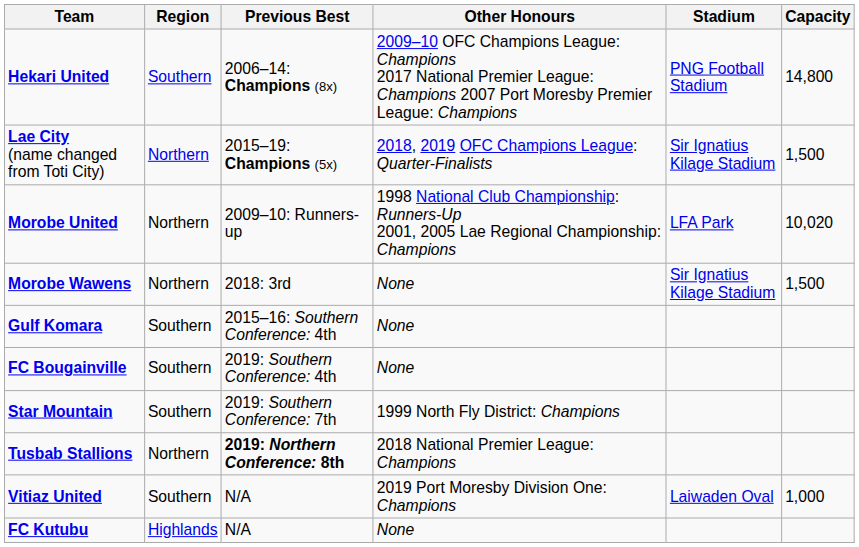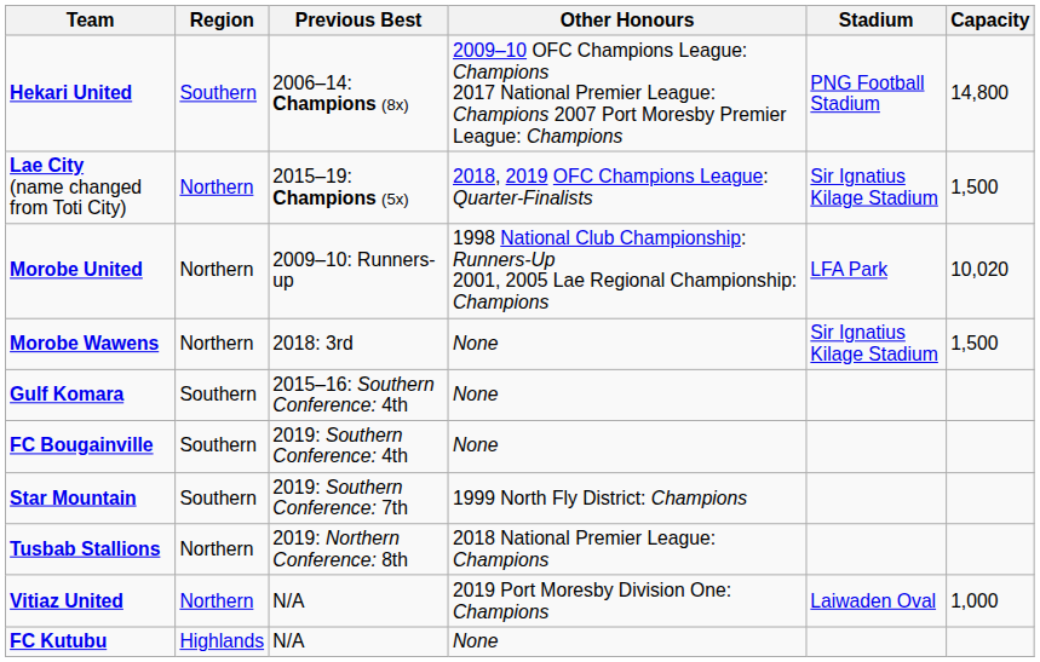 <table class="wikitable">
 <tr>
 <th>Team</th>
 <th>Region</th>
 <th>Previous Best</th>
 <th>Other Honours</th>
 <th>Stadium</th>
 <th>Capacity</th>
 </tr>
 <tr>
 <td><strong><a href='#'>Hekari United</a></strong></td>
 <td><a href='#'>Southern</a></td>
 <td>2006–14: <strong>Champions</strong> <small>(8x)</small></td>
 <td><a href='#'>2009–10</a> OFC Champions League: <em>Champions</em><br>2017 National Premier League: <em>Champions</em> 2007 Port Moresby Premier League: <em>Champions</em></td>
 <td><a href='#'>PNG Football Stadium</a></td>
 <td>14,800</td>
 </tr>
 <tr>
 <td><strong><a href='#'>Lae City</a></strong><br>(name changed from Toti City)</td>
 <td><a href='#'>Northern</a></td>
 <td>2015–19: <strong>Champions</strong> <small>(5x)</small></td>
 <td><a href='#'>2018</a>, <a href='#'>2019</a> <a href='#'>OFC Champions League</a>: <em>Quarter-Finalists</em></td>
 <td><a href='#'>Sir Ignatius Kilage Stadium</a></td>
 <td>1,500</td>
 </tr>
 <tr>
 <td><strong><a href='#'>Morobe United</a></strong></td>
 <td>Northern</td>
 <td>2009–10: Runners-up</td>
 <td>1998 <a href='#'>National Club Championship</a>: <em>Runners-Up</em><br>2001, 2005 Lae Regional Championship: <em>Champions</em></td>
 <td><a href='#'>LFA Park</a></td>
 <td>10,020</td>
 </tr>
 <tr>
 <td><strong><a href='#'>Morobe Wawens</a></strong></td>
 <td>Northern</td>
 <td>2018: 3rd</td>
 <td><em>None</em></td>
 <td><a href='#'>Sir Ignatius Kilage Stadium</a></td>
 <td>1,500</td>
 </tr>
 <tr>
 <td><strong><a href='#'>Gulf Komara</a></strong></td>
 <td>Southern</td>
 <td>2015–16: <em>Southern Conference:</em> 4th</td>
 <td><em>None</em></td>
 <td></td>
 <td></td>
 </tr>
 <tr>
 <td><strong><a href='#'>FC Bougainville</a></strong></td>
 <td>Southern</td>
 <td>2019: <em>Southern Conference:</em> 4th</td>
 <td><em>None</em></td>
 <td></td>
 <td></td>
 </tr>
 <tr>
 <td><strong><a href='#'>Star Mountain</a></strong></td>
 <td>Southern</td>
 <td>2019: <em>Southern Conference:</em> 7th</td>
 <td>1999 North Fly District: <em>Champions</em></td>
 <td></td>
 <td></td>
 </tr>
 <tr>
 <td><strong><a href='#'>Tusbab Stallions</a></strong></td>
 <td>Northern</td>
-<td><strong>2019: <em>Northern Conference:</em> 8th</strong></td>
+<td>2019: <em>Northern Conference:</em> 8th</td>
 <td>2018 National Premier League: <em>Champions</em></td>
 <td></td>
 <td></td>
 </tr>
 <tr>
 <td><strong><a href='#'>Vitiaz United</a></strong></td>
-<td>Southern</td>
+<td><a href='#'>Northern</a></td>
 <td>N/A</td>
 <td>2019 Port Moresby Division One: <em>Champions</em></td>
 <td><a href='#'>Laiwaden Oval</a></td>
 <td>1,000</td>
 </tr>
 <tr>
 <td><strong><a href='#'>FC Kutubu</a></strong></td>
 <td><a href='#'>Highlands</a></td>
 <td>N/A</td>
 <td><em>None</em></td>
 <td></td>
 <td></td>
 </tr>
 </table>
